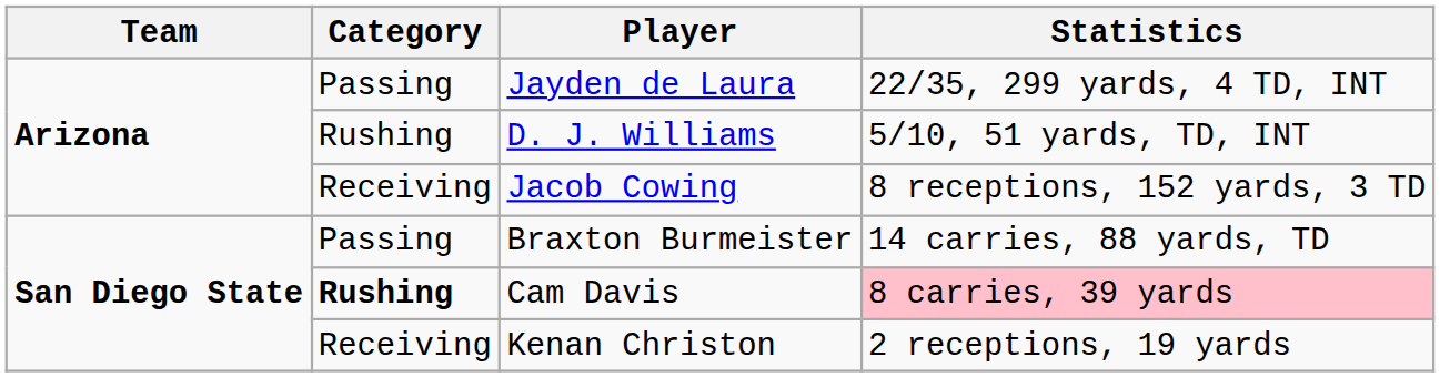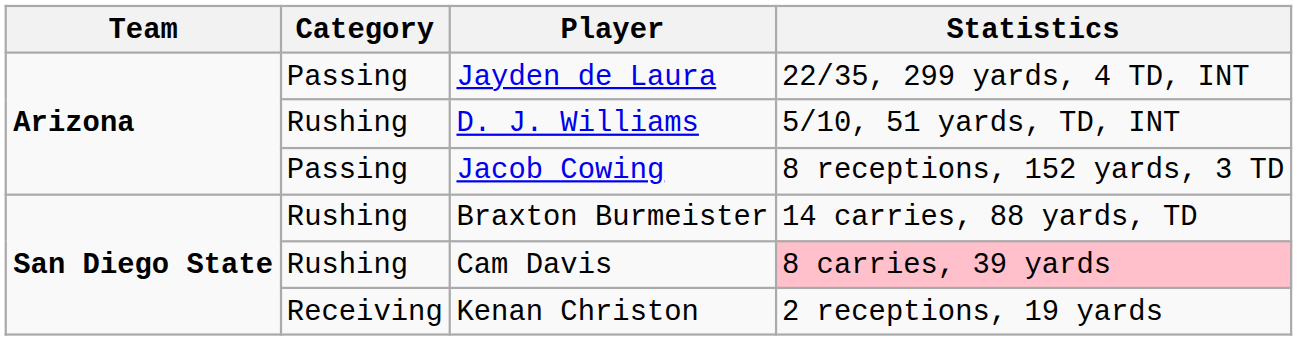 <table class="wikitable" style="float: right;">
 <tr>
 <th>Team</th>
 <th>Category</th>
 <th>Player</th>
 <th>Statistics</th>
 </tr>
 <tr>
 <td rowspan=3><strong>Arizona</strong></td>
 <td>Passing</td>
 <td><a href='#'>Jayden de Laura</a></td>
 <td>22/35, 299 yards, 4 TD, INT</td>
 </tr>
 <tr>
 <td>Rushing</td>
 <td><a href='#'>D. J. Williams</a></td>
 <td>5/10, 51 yards, TD, INT</td>
 </tr>
 <tr>
-<td>Receiving</td>
+<td>Passing</td>
 <td><a href='#'>Jacob Cowing</a></td>
 <td>8 receptions, 152 yards, 3 TD</td>
 </tr>
 <tr>
 <td rowspan=3><strong>San Diego State</strong></td>
-<td>Passing</td>
+<td>Rushing</td>
 <td>Braxton Burmeister</td>
 <td>14 carries, 88 yards, TD</td>
 </tr>
 <tr>
-<td><strong>Rushing</strong></td>
+<td>Rushing</td>
 <td>Cam Davis</td>
 <td style="background: pink;">8 carries, 39 yards</td>
 </tr>
 <tr>
 <td>Receiving</td>
 <td>Kenan Christon</td>
 <td>2 receptions, 19 yards</td>
 </tr>
 </table>
